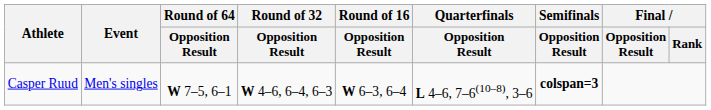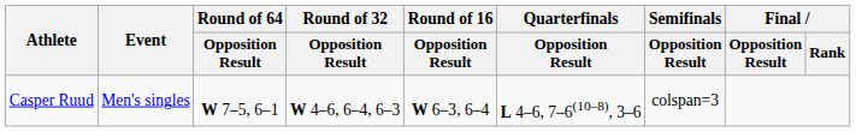 <table class="wikitable" style="font-size:90%;">
 <tr>
 <th rowspan=2>Athlete</th>
 <th rowspan=2>Event</th>
 <th>Round of 64</th>
 <th>Round of 32</th>
 <th>Round of 16</th>
 <th>Quarterfinals</th>
 <th>Semifinals</th>
 <th colspan=2>Final / </th>
 </tr>
 <tr style="font-size:95%">
 <th>Opposition<br>Result</th>
 <th>Opposition<br>Result</th>
 <th>Opposition<br>Result</th>
 <th>Opposition<br>Result</th>
 <th>Opposition<br>Result</th>
 <th>Opposition<br>Result</th>
 <th>Rank</th>
 </tr>
 <tr align=center>
 <td align=left><a href='#'>Casper Ruud</a></td>
 <td align=left><a href='#'>Men's singles</a></td>
 <td><br><strong>W</strong> 7–5, 6–1</td>
 <td><br><strong>W</strong> 4–6, 6–4, 6–3</td>
 <td><br><strong>W</strong> 6–3, 6–4</td>
 <td><br><strong>L</strong> 4–6, 7–6<sup>(10–8)</sup>, 3–6</td>
-<td><strong>colspan=3 </strong></td>
+<td>colspan=3 </td>
 </tr>
 </table>
